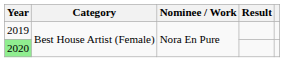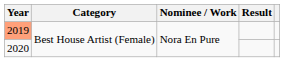 <table class=wikitable>
 <tr>
 <th>Year</th>
 <th>Category</th>
 <th>Nominee / Work</th>
 <th>Result</th>
 <th></th>
 </tr>
 <tr>
-<td>2019</td>
+<td style="background: lightsalmon;">2019</td>
 <td rowspan="2">Best House Artist (Female)</td>
 <td rowspan="2">Nora En Pure</td>
 <td></td>
 <td></td>
 </tr>
 <tr>
-<td style="background: lightgreen;">2020</td>
+<td>2020</td>
 <td></td>
 <td></td>
 </tr>
 </table>
